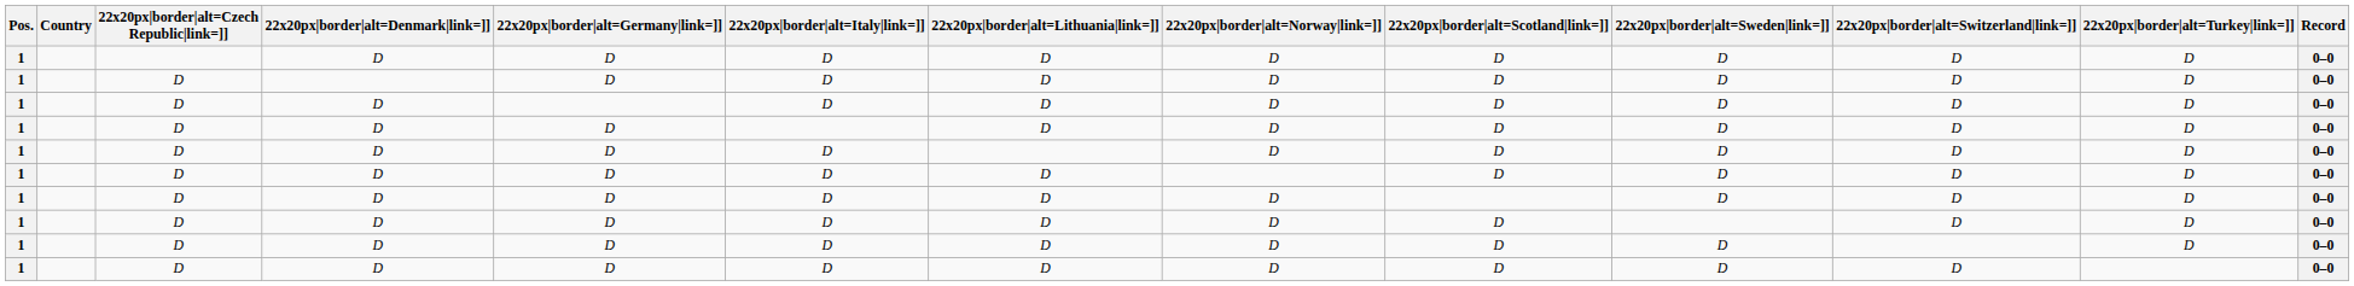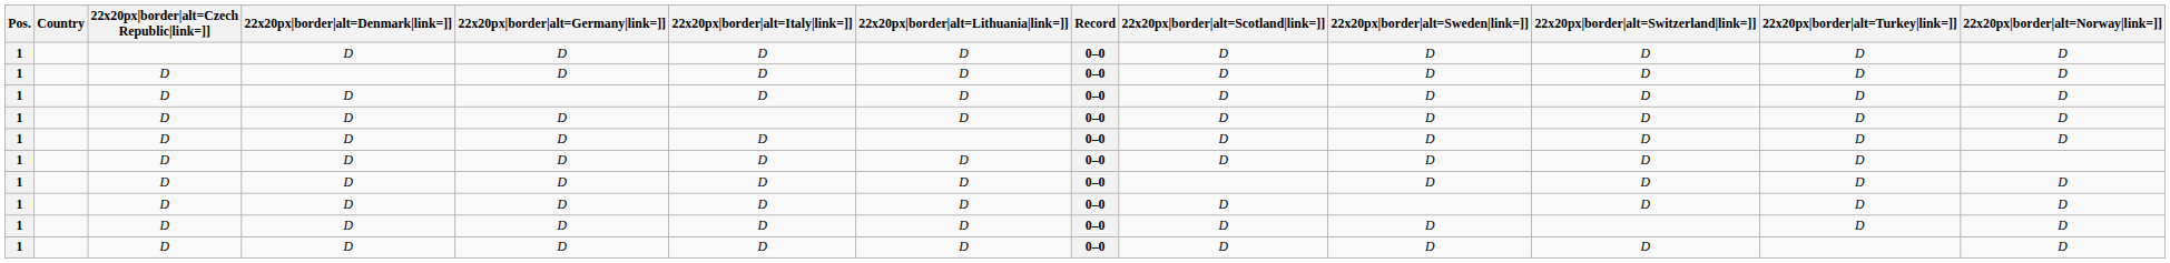 <table class="wikitable sortable nowrap" style="text-align:center; font-size:0.9em;">
 <tr>
 <th>Pos.</th>
 <th>Country</th>
 <th [[Image:>22x20px|border|alt=Czech Republic|link=]]</th>
 <th [[Image:>22x20px|border|alt=Denmark|link=]]</th>
 <th [[Image:>22x20px|border|alt=Germany|link=]]</th>
 <th [[Image:>22x20px|border|alt=Italy|link=]]</th>
 <th [[Image:>22x20px|border|alt=Lithuania|link=]]</th>
-<th [[Image:>22x20px|border|alt=Norway|link=]]</th>
+<th>Record</th>
 <th [[Image:>22x20px|border|alt=Scotland|link=]]</th>
 <th [[Image:>22x20px|border|alt=Sweden|link=]]</th>
 <th [[Image:>22x20px|border|alt=Switzerland|link=]]</th>
 <th [[Image:>22x20px|border|alt=Turkey|link=]]</th>
-<th>Record</th>
+<th [[Image:>22x20px|border|alt=Norway|link=]]</th>
 </tr>
 <tr>
 <th>1</th>
 <td style="text-align:left;"></td>
 <td> </td>
 <td><em>D</em> </td>
 <td><em>D</em> </td>
 <td><em>D</em> </td>
 <td><em>D</em> </td>
+<th>0–0</th>
 <td><em>D</em> </td>
 <td><em>D</em> </td>
 <td><em>D</em> </td>
 <td><em>D</em> </td>
 <td><em>D</em> </td>
-<th>0–0</th>
 </tr>
 <tr>
 <th>1</th>
 <td style="text-align:left;"></td>
 <td><em>D</em> </td>
 <td> </td>
 <td><em>D</em> </td>
 <td><em>D</em> </td>
 <td><em>D</em> </td>
+<th>0–0</th>
 <td><em>D</em> </td>
 <td><em>D</em> </td>
 <td><em>D</em> </td>
 <td><em>D</em> </td>
 <td><em>D</em> </td>
-<th>0–0</th>
 </tr>
 <tr>
 <th>1</th>
 <td style="text-align:left;"></td>
 <td><em>D</em> </td>
 <td><em>D</em> </td>
 <td> </td>
 <td><em>D</em> </td>
 <td><em>D</em> </td>
+<th>0–0</th>
 <td><em>D</em> </td>
 <td><em>D</em> </td>
 <td><em>D</em> </td>
 <td><em>D</em> </td>
 <td><em>D</em> </td>
-<th>0–0</th>
 </tr>
 <tr>
 <th>1</th>
 <td style="text-align:left;"></td>
 <td><em>D</em> </td>
 <td><em>D</em> </td>
 <td><em>D</em> </td>
 <td> </td>
 <td><em>D</em> </td>
+<th>0–0</th>
 <td><em>D</em> </td>
 <td><em>D</em> </td>
 <td><em>D</em> </td>
 <td><em>D</em> </td>
 <td><em>D</em> </td>
-<th>0–0</th>
 </tr>
 <tr>
 <th>1</th>
 <td style="text-align:left;"></td>
 <td><em>D</em> </td>
 <td><em>D</em> </td>
 <td><em>D</em> </td>
 <td><em>D</em> </td>
 <td> </td>
+<th>0–0</th>
 <td><em>D</em> </td>
 <td><em>D</em> </td>
 <td><em>D</em> </td>
 <td><em>D</em> </td>
 <td><em>D</em> </td>
-<th>0–0</th>
 </tr>
 <tr>
 <th>1</th>
 <td style="text-align:left;"></td>
 <td><em>D</em> </td>
 <td><em>D</em> </td>
 <td><em>D</em> </td>
 <td><em>D</em> </td>
 <td><em>D</em> </td>
-<td> </td>
+<th>0–0</th>
 <td><em>D</em> </td>
 <td><em>D</em> </td>
 <td><em>D</em> </td>
 <td><em>D</em> </td>
-<th>0–0</th>
+<td> </td>
 </tr>
 <tr>
 <th>1</th>
 <td style="text-align:left;"></td>
 <td><em>D</em> </td>
 <td><em>D</em> </td>
 <td><em>D</em> </td>
 <td><em>D</em> </td>
 <td><em>D</em> </td>
-<td><em>D</em> </td>
+<th>0–0</th>
 <td> </td>
 <td><em>D</em> </td>
 <td><em>D</em> </td>
 <td><em>D</em> </td>
-<th>0–0</th>
+<td><em>D</em> </td>
 </tr>
 <tr>
 <th>1</th>
 <td style="text-align:left;"></td>
 <td><em>D</em> </td>
 <td><em>D</em> </td>
 <td><em>D</em> </td>
 <td><em>D</em> </td>
 <td><em>D</em> </td>
-<td><em>D</em> </td>
+<th>0–0</th>
 <td><em>D</em> </td>
 <td> </td>
 <td><em>D</em> </td>
 <td><em>D</em> </td>
-<th>0–0</th>
+<td><em>D</em> </td>
 </tr>
 <tr>
 <th>1</th>
 <td style="text-align:left;"></td>
 <td><em>D</em> </td>
 <td><em>D</em> </td>
 <td><em>D</em> </td>
 <td><em>D</em> </td>
 <td><em>D</em> </td>
-<td><em>D</em> </td>
+<th>0–0</th>
 <td><em>D</em> </td>
 <td><em>D</em> </td>
 <td> </td>
 <td><em>D</em> </td>
-<th>0–0</th>
+<td><em>D</em> </td>
 </tr>
 <tr>
 <th>1</th>
 <td style="text-align:left;"></td>
 <td><em>D</em> </td>
 <td><em>D</em> </td>
 <td><em>D</em> </td>
 <td><em>D</em> </td>
 <td><em>D</em> </td>
-<td><em>D</em> </td>
+<th>0–0</th>
 <td><em>D</em> </td>
 <td><em>D</em> </td>
 <td><em>D</em> </td>
 <td> </td>
-<th>0–0</th>
+<td><em>D</em> </td>
 </tr>
 </table>
